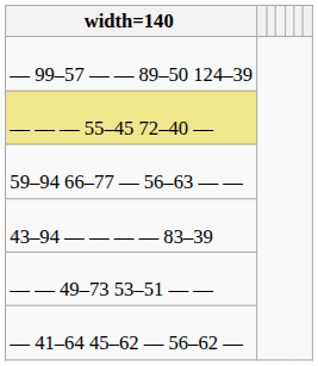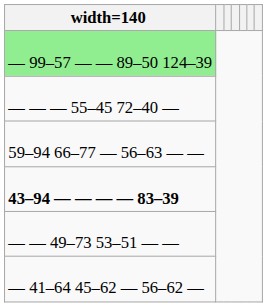 <table class="wikitable" style="text-align:center;">
 <tr>
 <th>width=140 </th>
 <th></th>
 <th></th>
 <th></th>
 <th></th>
 <th></th>
 <th></th>
 </tr>
 <tr>
-<td style="text-align:left;"><br> —  99–57  —  —  89–50  124–39</td>
+<td style="background: lightgreen; text-align:left;"><br> —  99–57  —  —  89–50  124–39</td>
 </tr>
 <tr>
-<td style="background: khaki; text-align:left;"><br> —  —  —  55–45  72–40  —</td>
+<td style="text-align:left;"><br> —  —  —  55–45  72–40  —</td>
 </tr>
 <tr>
 <td style="text-align:left;"><br> 59–94  66–77  —  56–63  —  —</td>
 </tr>
 <tr>
-<td style="text-align:left;"><br> 43–94  —  —  —  —  83–39</td>
+<td style="text-align:left;"><strong><br> 43–94  —  —  —  —  83–39</strong></td>
 </tr>
 <tr>
 <td style="text-align:left;"><br> —  —  49–73  53–51  —  —</td>
 </tr>
 <tr>
 <td style="text-align:left;"><br> —  41–64  45–62  —  56–62  —</td>
 </tr>
 </table>
